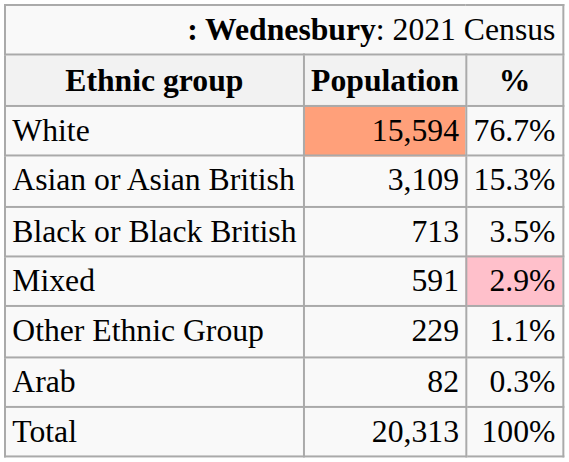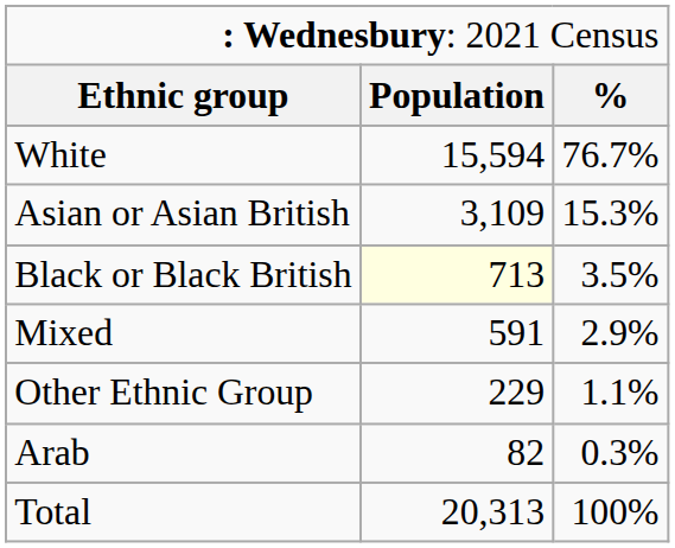 <table class="wikitable">
 <tr>
 <td colspan="14" style="text-align:right;"><strong>: Wednesbury</strong>: 2021 Census</td>
 </tr>
 <tr>
 <th>Ethnic group</th>
 <th>Population</th>
 <th>%</th>
 </tr>
 <tr>
 <td>White</td>
-<td style="background: lightsalmon; text-align:right;">15,594</td>
+<td style="text-align:right;">15,594</td>
 <td style="text-align:right;">76.7%</td>
 </tr>
 <tr>
 <td>Asian or Asian British</td>
 <td style="text-align:right;">3,109</td>
 <td style="text-align:right;">15.3%</td>
 </tr>
 <tr>
 <td>Black or Black British</td>
-<td style="text-align:right;">713</td>
+<td style="background: lightyellow; text-align:right;">713</td>
 <td style="text-align:right;">3.5%</td>
 </tr>
 <tr>
 <td>Mixed</td>
 <td style="text-align:right;">591</td>
-<td style="background: pink; text-align:right;">2.9%</td>
+<td style="text-align:right;">2.9%</td>
 </tr>
 <tr>
 <td>Other Ethnic Group</td>
 <td style="text-align:right;">229</td>
 <td style="text-align:right;">1.1%</td>
 </tr>
 <tr>
 <td>Arab</td>
 <td style="text-align:right;">82</td>
 <td style="text-align:right;">0.3%</td>
 </tr>
 <tr>
 <td>Total</td>
 <td style="text-align:right;">20,313</td>
 <td style="text-align:right;">100%</td>
 </tr>
 </table>
